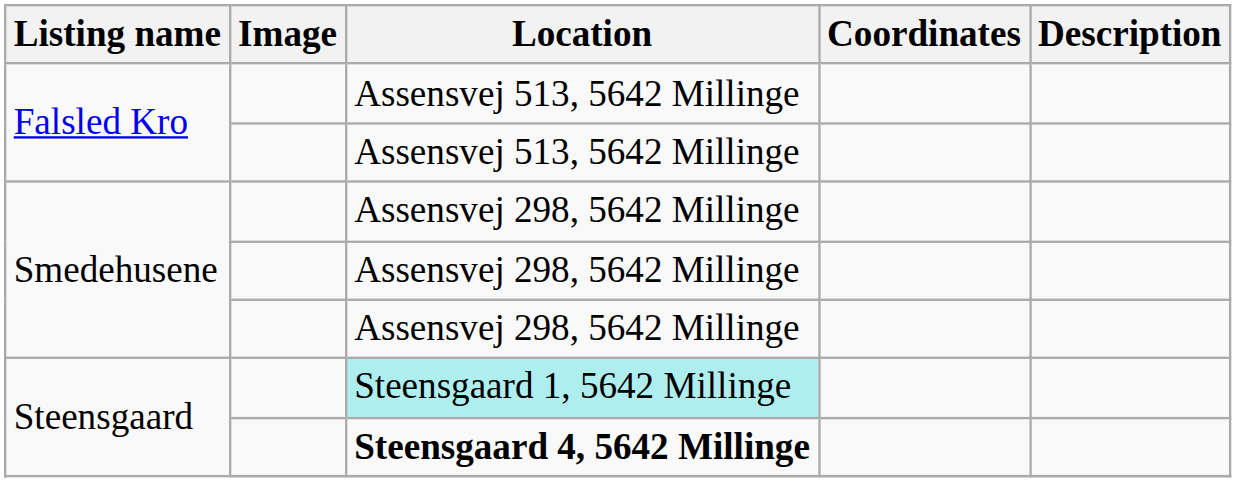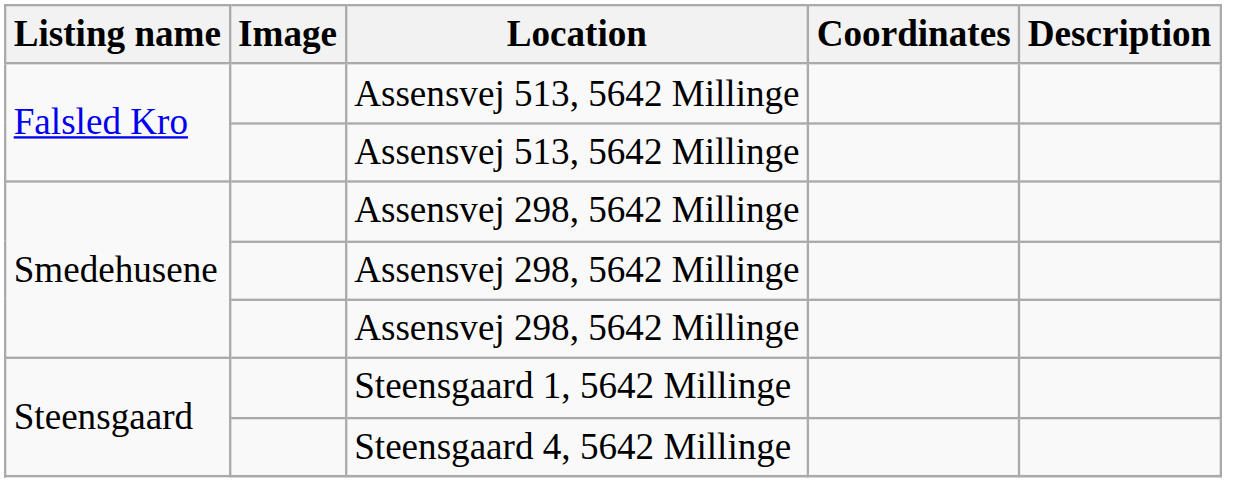 <table class="wikitable sortable">
 <tr>
 <th>Listing name</th>
 <th>Image</th>
 <th>Location</th>
 <th>Coordinates</th>
 <th>Description</th>
 </tr>
 <tr>
 <td rowspan="2"><a href='#'>Falsled Kro</a></td>
 <td></td>
 <td>Assensvej 513, 5642 Millinge</td>
 <td></td>
 <td></td>
 </tr>
 <tr>
 <td></td>
 <td>Assensvej 513, 5642 Millinge</td>
 <td></td>
 <td></td>
 </tr>
 <tr>
 <td rowspan="3">Smedehusene</td>
 <td></td>
 <td>Assensvej 298, 5642 Millinge</td>
 <td></td>
 <td></td>
 </tr>
 <tr>
 <td></td>
 <td>Assensvej 298, 5642 Millinge</td>
 <td></td>
 <td></td>
 </tr>
 <tr>
 <td></td>
 <td>Assensvej 298, 5642 Millinge</td>
 <td></td>
 <td></td>
 </tr>
 <tr>
 <td rowspan="3">Steensgaard</td>
 <td></td>
-<td style="background: paleturquoise;">Steensgaard 1, 5642 Millinge</td>
+<td>Steensgaard 1, 5642 Millinge</td>
 <td></td>
 <td></td>
 </tr>
 <tr>
 <td></td>
-<td><strong>Steensgaard 4, 5642 Millinge</strong></td>
+<td>Steensgaard 4, 5642 Millinge</td>
 <td></td>
 <td></td>
 </tr>
 <tr>
 </tr>
 </table>
